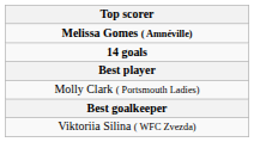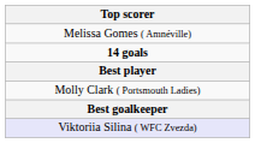 <table class="wikitable"  style="margin:1em auto;">
 <tr>
 <th width=320 colspan=3>Top scorer</th>
 </tr>
 <tr align=center style="background: ">
-<td style="text-align:center;"><strong> Melissa Gomes <small>( Amnéville)</small></strong></td>
+<td style="text-align:center;"> Melissa Gomes <small>( Amnéville)</small></td>
 </tr>
 <tr>
 <td align="center"><strong>14 goals</strong></td>
 </tr>
 <tr>
 <th colspan=3>Best player</th>
 </tr>
 <tr>
 <td style="text-align:center;"> Molly Clark <small>( Portsmouth Ladies)</small></td>
 </tr>
 <tr>
 <th colspan=3>Best goalkeeper</th>
 </tr>
 <tr>
-<td style="text-align:center;"> Viktoriia Silina <small>( WFC Zvezda)</small></td>
+<td style="background: lavender; text-align:center;"> Viktoriia Silina <small>( WFC Zvezda)</small></td>
 </tr>
 </table>
